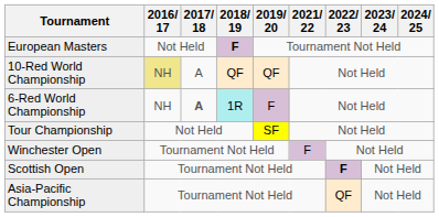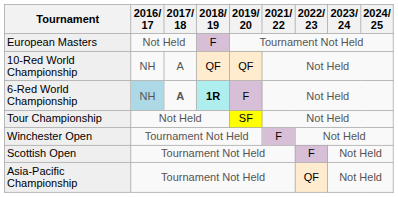 <table class="wikitable" style="font-size:85%;">
 <tr>
 <th width=150>Tournament</th>
 <th>2016/<br>17</th>
 <th>2017/<br>18</th>
 <th>2018/<br>19</th>
 <th>2019/<br>20</th>
 <th>2021/<br>22</th>
 <th>2022/<br>23</th>
 <th>2023/<br>24</th>
 <th>2024/<br>25</th>
 </tr>
 <tr>
 <td style="background:#EFEFEF;">European Masters</td>
 <td align="center" colspan="2" style="color:#555555;">Not Held</td>
-<td align="center" style="background:thistle;"><strong>F</strong></td>
+<td align="center" style="background:thistle;">F</td>
 <td align="center" colspan="10" style="color:#555555;">Tournament Not Held</td>
 </tr>
 <tr>
 <td style="background:#EFEFEF;">10-Red World Championship</td>
-<td align="center" style="background: khaki; color:#555555;">NH</td>
+<td align="center" style="color:#555555;">NH</td>
 <td align="center" style="color:#555555;">A</td>
 <td align="center" style="background:#ffebcd;">QF</td>
 <td align="center" style="background:#ffebcd;">QF</td>
 <td align="center" colspan="10" style="color:#555555;">Not Held</td>
 </tr>
 <tr>
 <td style="background:#EFEFEF;">6-Red World Championship</td>
-<td align="center" style="color:#555555;">NH</td>
+<td align="center" style="background: lightblue; color:#555555;">NH</td>
 <td align="center" style="color:#555555;"><strong>A</strong></td>
-<td align="center" style="background:#afeeee;">1R</td>
+<td align="center" style="background:#afeeee;"><strong>1R</strong></td>
 <td align="center" style="background:thistle;">F</td>
 <td align="center" colspan="10" style="color:#555555;">Not Held</td>
 </tr>
 <tr>
 <td style="background:#EFEFEF;">Tour Championship</td>
 <td align="center" colspan="3" style="color:#555555;">Not Held</td>
 <td align="center" style="background:yellow;">SF</td>
 <td align="center" colspan="10" style="color:#555555;">Not Held</td>
 </tr>
 <tr>
 <td style="background:#EFEFEF;">Winchester Open</td>
 <td align="center" colspan="4" style="color:#555555;">Tournament Not Held</td>
 <td align="center" style="background:thistle;">F</td>
 <td align="center" colspan="10" style="color:#555555;">Not Held</td>
 </tr>
 <tr>
 <td style="background:#EFEFEF;">Scottish Open</td>
 <td align="center" colspan="5" style="color:#555555;">Tournament Not Held</td>
-<td align="center" style="background:thistle;"><strong>F</strong></td>
+<td align="center" style="background:thistle;">F</td>
 <td align="center" colspan="10" style="color:#555555;">Not Held</td>
 </tr>
 <tr>
 <td style="background:#EFEFEF;">Asia-Pacific Championship</td>
 <td align="center" colspan="5" style="color:#555555;">Tournament Not Held</td>
 <td align="center" style="background:#ffebcd;">QF</td>
 <td align="center" colspan="10" style="color:#555555;">Not Held</td>
 </tr>
 </table>
